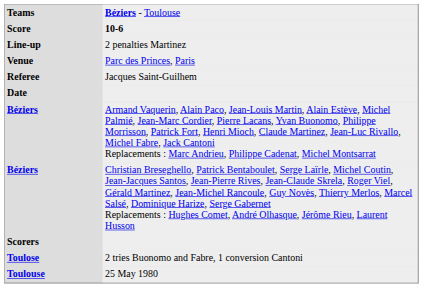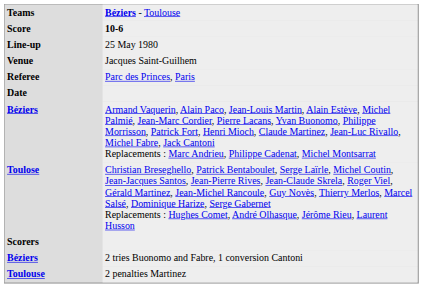 <table align="left" cellpadding="4" cellspacing="0"  style="margin: 0 0 0 0; border: 1px solid #999; border-right-width: 2px; border-bottom-width: 2px; background-color: #DDDDDD">
 <tr>
 <td width="150" valign="top"><strong>Teams</strong></td>
 <td width="500" bgcolor=#EEEEEE><strong><a href='#'>Béziers</a> </strong> - <a href='#'>Toulouse</a></td>
 </tr>
 <tr>
 <td valign="top"><strong>Score</strong></td>
 <td bgcolor=#EEEEEE><strong>10-6</strong></td>
 </tr>
 <tr>
 <td valign="top"><strong>Line-up</strong></td>
-<td bgcolor=#EEEEEE>2 penalties Martinez</td>
+<td bgcolor=#EEEEEE>25 May 1980</td>
 </tr>
 <tr>
 <td valign="top"><strong>Venue</strong></td>
-<td bgcolor=#EEEEEE><a href='#'>Parc des Princes</a>, <a href='#'>Paris</a></td>
+<td bgcolor=#EEEEEE>Jacques Saint-Guilhem</td>
 </tr>
 <tr>
 <td valign="top"><strong>Referee</strong></td>
-<td bgcolor=#EEEEEE>Jacques Saint-Guilhem</td>
+<td bgcolor=#EEEEEE><a href='#'>Parc des Princes</a>, <a href='#'>Paris</a></td>
 </tr>
 <tr>
 <td valign="top"><strong>Date</strong></td>
 <td bgcolor=#EEEEEE></td>
 </tr>
 <tr>
 <td valign="top"><strong> <a href='#'>Béziers</a> </strong></td>
 <td bgcolor=#EEEEEE><a href='#'>Armand Vaquerin</a>, <a href='#'>Alain Paco</a>, <a href='#'>Jean-Louis Martin</a>, <a href='#'>Alain Estève</a>, <a href='#'>Michel Palmié</a>, <a href='#'>Jean-Marc Cordier</a>, <a href='#'>Pierre Lacans</a>, <a href='#'>Yvan Buonomo</a>, <a href='#'>Philippe Morrisson</a>, <a href='#'>Patrick Fort</a>, <a href='#'>Henri Mioch</a>, <a href='#'>Claude Martinez</a>, <a href='#'>Jean-Luc Rivallo</a>, <a href='#'>Michel Fabre</a>, <a href='#'>Jack Cantoni</a> <br>Replacements : <a href='#'>Marc Andrieu</a>, <a href='#'>Philippe Cadenat</a>, <a href='#'>Michel Montsarrat</a></td>
 </tr>
 <tr>
-<td valign="top"><strong> <a href='#'>Béziers</a> </strong></td>
+<td valign="top"><strong><a href='#'>Toulose</a> </strong></td>
 <td bgcolor=#EEEEEE><a href='#'>Christian Breseghello</a>, <a href='#'>Patrick Bentaboulet</a>, <a href='#'>Serge Laïrle</a>, <a href='#'>Michel Coutin</a>, <a href='#'>Jean-Jacques Santos</a>, <a href='#'>Jean-Pierre Rives</a>, <a href='#'>Jean-Claude Skrela</a>, <a href='#'>Roger Viel</a>, <a href='#'>Gérald Martinez</a>, <a href='#'>Jean-Michel Rancoule</a>, <a href='#'>Guy Novès</a>, <a href='#'>Thierry Merlos</a>, <a href='#'>Marcel Salsé</a>, <a href='#'>Dominique Harize</a>, <a href='#'>Serge Gabernet</a> <br>Replacements :  <a href='#'>Hughes Comet</a>, <a href='#'>André Olhasque</a>, <a href='#'>Jérôme Rieu</a>, <a href='#'>Laurent Husson</a></td>
 </tr>
 <tr>
 <td valign="top"><strong>Scorers</strong></td>
 <td bgcolor=#EEEEEE></td>
 </tr>
 <tr>
-<td valign="top"><strong><a href='#'>Toulose</a> </strong></td>
+<td valign="top"><strong> <a href='#'>Béziers</a> </strong></td>
 <td bgcolor=#EEEEEE>2 tries Buonomo and Fabre, 1 conversion Cantoni</td>
 </tr>
 <tr>
 <td valign="top"><strong><a href='#'>Toulouse</a></strong></td>
-<td bgcolor=#EEEEEE>25 May 1980</td>
+<td bgcolor=#EEEEEE>2 penalties Martinez</td>
 </tr>
 </table>
